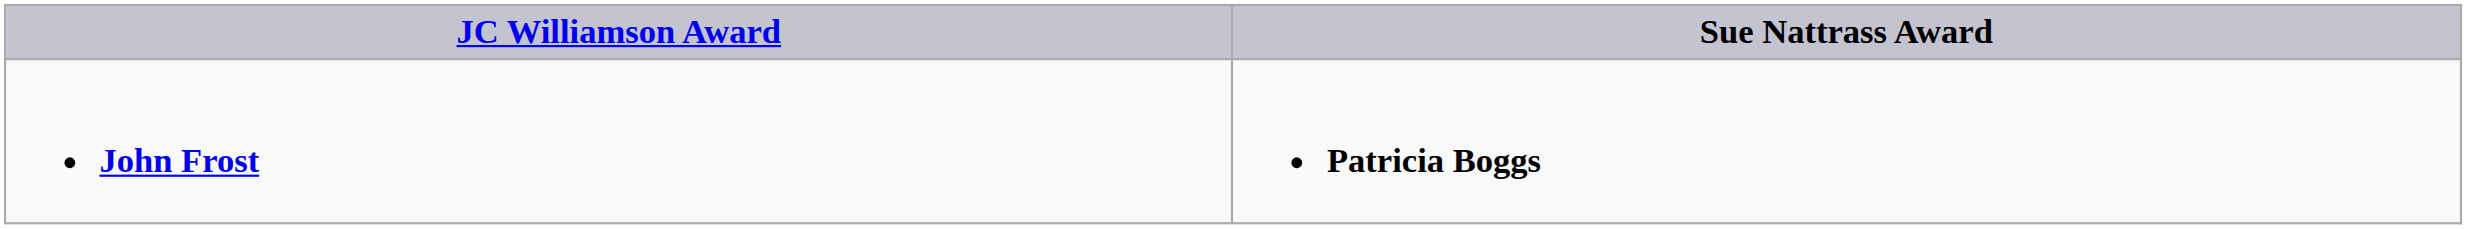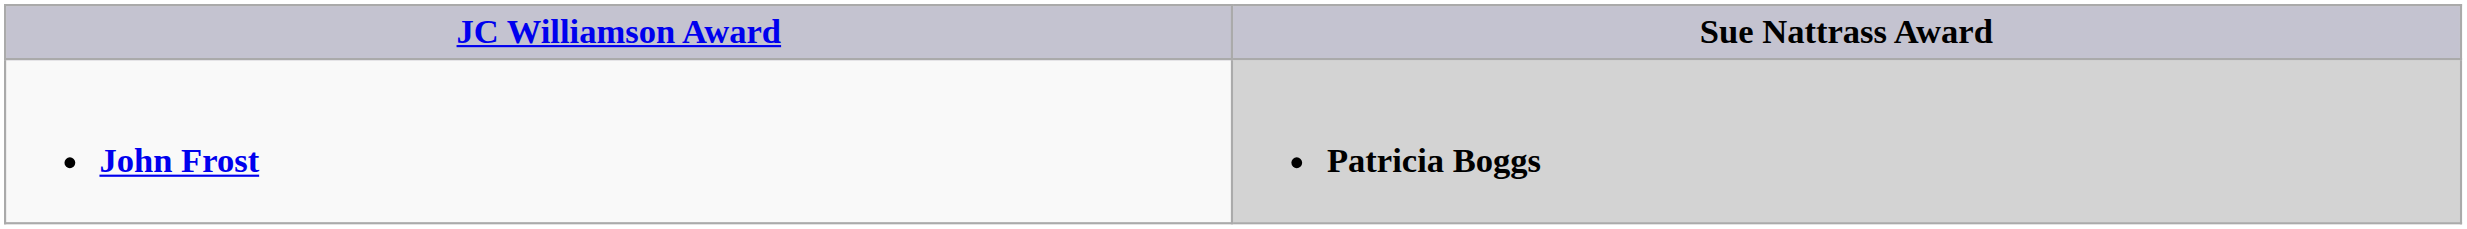 <table class=wikitable width="90%" border="1" cellpadding="5" cellspacing="0" align="centre">
 <tr>
 <th style="background:#C4C3D0;width:50%"><a href='#'>JC Williamson Award</a></th>
 <th style="background:#C4C3D0;width:50%">Sue Nattrass Award</th>
 </tr>
 <tr>
 <td valign="top"><br><ul><li><strong><a href='#'>John Frost</a></strong></li></ul></td>
-<td valign="top"><br><ul><li><strong> Patricia Boggs</strong></li></ul></td>
+<td valign="top" style="background: lightgrey;"><br><ul><li><strong> Patricia Boggs</strong></li></ul></td>
 </tr>
 </table>
